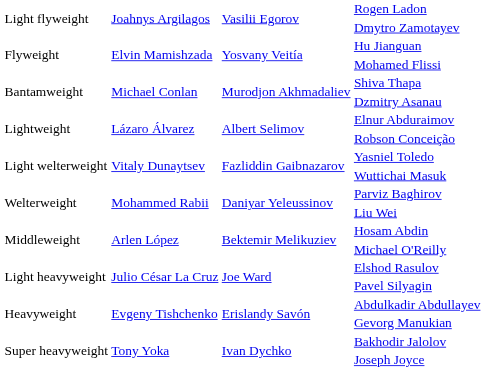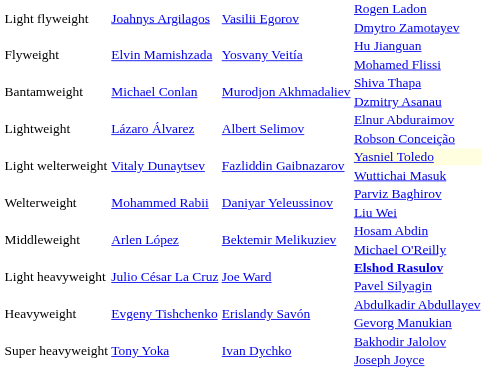 <table>
 <tr>
 <td rowspan=2>Light flyweight<br></td>
 <td rowspan=2><a href='#'>Joahnys Argilagos</a><br></td>
 <td rowspan=2><a href='#'>Vasilii Egorov</a><br></td>
 <td><a href='#'>Rogen Ladon</a><br></td>
 </tr>
 <tr>
 <td><a href='#'>Dmytro Zamotayev</a><br></td>
 </tr>
 <tr>
 <td rowspan=2>Flyweight<br></td>
 <td rowspan=2><a href='#'>Elvin Mamishzada</a><br></td>
 <td rowspan=2><a href='#'>Yosvany Veitía</a><br></td>
 <td><a href='#'>Hu Jianguan</a><br></td>
 </tr>
 <tr>
 <td><a href='#'>Mohamed Flissi</a><br></td>
 </tr>
 <tr>
 <td rowspan=2>Bantamweight<br></td>
 <td rowspan=2><a href='#'>Michael Conlan</a><br></td>
 <td rowspan=2><a href='#'>Murodjon Akhmadaliev</a><br></td>
 <td><a href='#'>Shiva Thapa</a><br></td>
 </tr>
 <tr>
 <td><a href='#'>Dzmitry Asanau</a><br></td>
 </tr>
 <tr>
 <td rowspan=2>Lightweight<br></td>
 <td rowspan=2><a href='#'>Lázaro Álvarez</a><br></td>
 <td rowspan=2><a href='#'>Albert Selimov</a><br></td>
 <td><a href='#'>Elnur Abduraimov</a><br></td>
 </tr>
 <tr>
 <td><a href='#'>Robson Conceição</a> <br></td>
 </tr>
 <tr>
 <td rowspan=2>Light welterweight<br></td>
 <td rowspan=2><a href='#'>Vitaly Dunaytsev</a><br></td>
 <td rowspan=2><a href='#'>Fazliddin Gaibnazarov</a><br></td>
-<td><a href='#'>Yasniel Toledo</a><br></td>
+<td style="background: lightyellow;"><a href='#'>Yasniel Toledo</a><br></td>
 </tr>
 <tr>
 <td><a href='#'>Wuttichai Masuk</a><br></td>
 </tr>
 <tr>
 <td rowspan=2>Welterweight<br></td>
 <td rowspan=2><a href='#'>Mohammed Rabii</a><br></td>
 <td rowspan=2><a href='#'>Daniyar Yeleussinov</a><br></td>
 <td><a href='#'>Parviz Baghirov</a> <br></td>
 </tr>
 <tr>
 <td><a href='#'>Liu Wei</a> <br></td>
 </tr>
 <tr>
 <td rowspan=2>Middleweight<br></td>
 <td rowspan=2><a href='#'>Arlen López</a> <br></td>
 <td rowspan=2><a href='#'>Bektemir Melikuziev</a> <br></td>
 <td><a href='#'>Hosam Abdin</a><br></td>
 </tr>
 <tr>
 <td><a href='#'>Michael O'Reilly</a><br></td>
 </tr>
 <tr>
 <td rowspan=2>Light heavyweight<br></td>
 <td rowspan=2><a href='#'>Julio César La Cruz</a><br></td>
 <td rowspan=2><a href='#'>Joe Ward</a><br></td>
-<td><a href='#'>Elshod Rasulov</a><br></td>
+<td><strong><a href='#'>Elshod Rasulov</a><br></strong></td>
 </tr>
 <tr>
 <td><a href='#'>Pavel Silyagin</a><br></td>
 </tr>
 <tr>
 <td rowspan=2>Heavyweight<br></td>
 <td rowspan=2><a href='#'>Evgeny Tishchenko</a><br></td>
 <td rowspan=2><a href='#'>Erislandy Savón</a><br></td>
 <td><a href='#'>Abdulkadir Abdullayev</a><br></td>
 </tr>
 <tr>
 <td><a href='#'>Gevorg Manukian</a><br></td>
 </tr>
 <tr>
 <td rowspan=2>Super heavyweight<br></td>
 <td rowspan=2><a href='#'>Tony Yoka</a><br></td>
 <td rowspan=2><a href='#'>Ivan Dychko</a><br></td>
 <td><a href='#'>Bakhodir Jalolov</a><br></td>
 </tr>
 <tr>
 <td><a href='#'>Joseph Joyce</a><br></td>
 </tr>
 </table>
